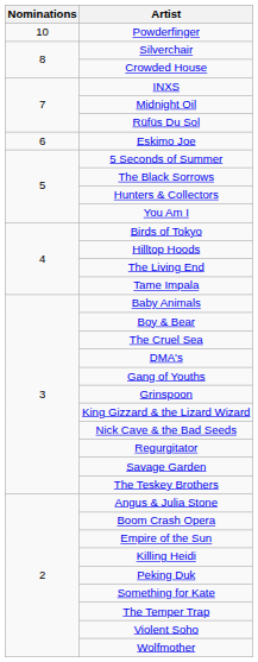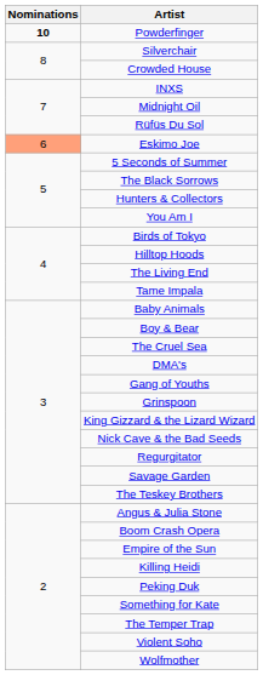 <table class="wikitable" style="text-align: center">
 <tr>
 <th scope="col" width="55">Nominations</th>
 <th scope="col" align="center">Artist</th>
 </tr>
 <tr>
-<td style="text-align:center">10</td>
+<td style="text-align:center"><strong>10</strong></td>
 <td><a href='#'>Powderfinger</a></td>
 </tr>
 <tr>
 <td rowspan=2 style="text-align:center">8</td>
 <td><a href='#'>Silverchair</a></td>
 </tr>
 <tr>
 <td><a href='#'>Crowded House</a></td>
 </tr>
 <tr>
 <td rowspan=3 style="text-align:center">7</td>
 <td><a href='#'>INXS</a></td>
 </tr>
 <tr>
 <td><a href='#'>Midnight Oil</a></td>
 </tr>
 <tr>
 <td><a href='#'>Rüfüs Du Sol</a></td>
 </tr>
 <tr>
-<td style="text-align:center">6</td>
+<td style="background: lightsalmon; text-align:center">6</td>
 <td><a href='#'>Eskimo Joe</a></td>
 </tr>
 <tr>
 <td rowspan=4 style="text-align:center">5</td>
 <td><a href='#'>5 Seconds of Summer</a></td>
 </tr>
 <tr>
 <td><a href='#'>The Black Sorrows</a></td>
 </tr>
 <tr>
 <td><a href='#'>Hunters & Collectors</a></td>
 </tr>
 <tr>
 <td><a href='#'>You Am I</a></td>
 </tr>
 <tr>
 <td rowspan=4 style="text-align:center">4</td>
 <td><a href='#'>Birds of Tokyo</a></td>
 </tr>
 <tr>
 <td><a href='#'>Hilltop Hoods</a></td>
 </tr>
 <tr>
 <td><a href='#'>The Living End</a></td>
 </tr>
 <tr>
 <td><a href='#'>Tame Impala</a></td>
 </tr>
 <tr>
 <td rowspan=11 style="text-align:center">3</td>
 <td><a href='#'>Baby Animals</a></td>
 </tr>
 <tr>
 <td><a href='#'>Boy & Bear</a></td>
 </tr>
 <tr>
 <td><a href='#'>The Cruel Sea</a></td>
 </tr>
 <tr>
 <td><a href='#'>DMA's</a></td>
 </tr>
 <tr>
 <td><a href='#'>Gang of Youths</a></td>
 </tr>
 <tr>
 <td><a href='#'>Grinspoon</a></td>
 </tr>
 <tr>
 <td><a href='#'>King Gizzard & the Lizard Wizard</a></td>
 </tr>
 <tr>
 <td><a href='#'>Nick Cave & the Bad Seeds</a></td>
 </tr>
 <tr>
 <td><a href='#'>Regurgitator</a></td>
 </tr>
 <tr>
 <td><a href='#'>Savage Garden</a></td>
 </tr>
 <tr>
 <td><a href='#'>The Teskey Brothers</a></td>
 </tr>
 <tr>
 <td rowspan=9 style="text-align:center">2</td>
 <td><a href='#'>Angus & Julia Stone</a></td>
 </tr>
 <tr>
 <td><a href='#'>Boom Crash Opera</a></td>
 </tr>
 <tr>
 <td><a href='#'>Empire of the Sun</a></td>
 </tr>
 <tr>
 <td><a href='#'>Killing Heidi</a></td>
 </tr>
 <tr>
 <td><a href='#'>Peking Duk</a></td>
 </tr>
 <tr>
 <td><a href='#'>Something for Kate</a></td>
 </tr>
 <tr>
 <td><a href='#'>The Temper Trap</a></td>
 </tr>
 <tr>
 <td><a href='#'>Violent Soho</a></td>
 </tr>
 <tr>
 <td><a href='#'>Wolfmother</a></td>
 </tr>
 </table>
